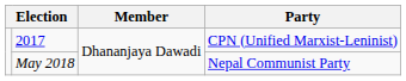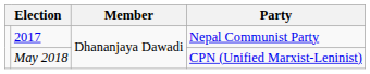 <table class="wikitable">
 <tr>
 <th colspan="2">Election</th>
 <th>Member</th>
 <th>Party</th>
 </tr>
 <tr>
 <td rowspan="2" style="background-color:"></td>
 <td><a href='#'>2017</a></td>
 <td rowspan="2">Dhananjaya Dawadi</td>
-<td><a href='#'>CPN (Unified Marxist-Leninist)</a></td>
+<td><a href='#'>Nepal Communist Party</a></td>
 </tr>
 <tr>
 <td><em>May 2018</em></td>
-<td><a href='#'>Nepal Communist Party</a></td>
+<td><a href='#'>CPN (Unified Marxist-Leninist)</a></td>
 </tr>
 </table>
